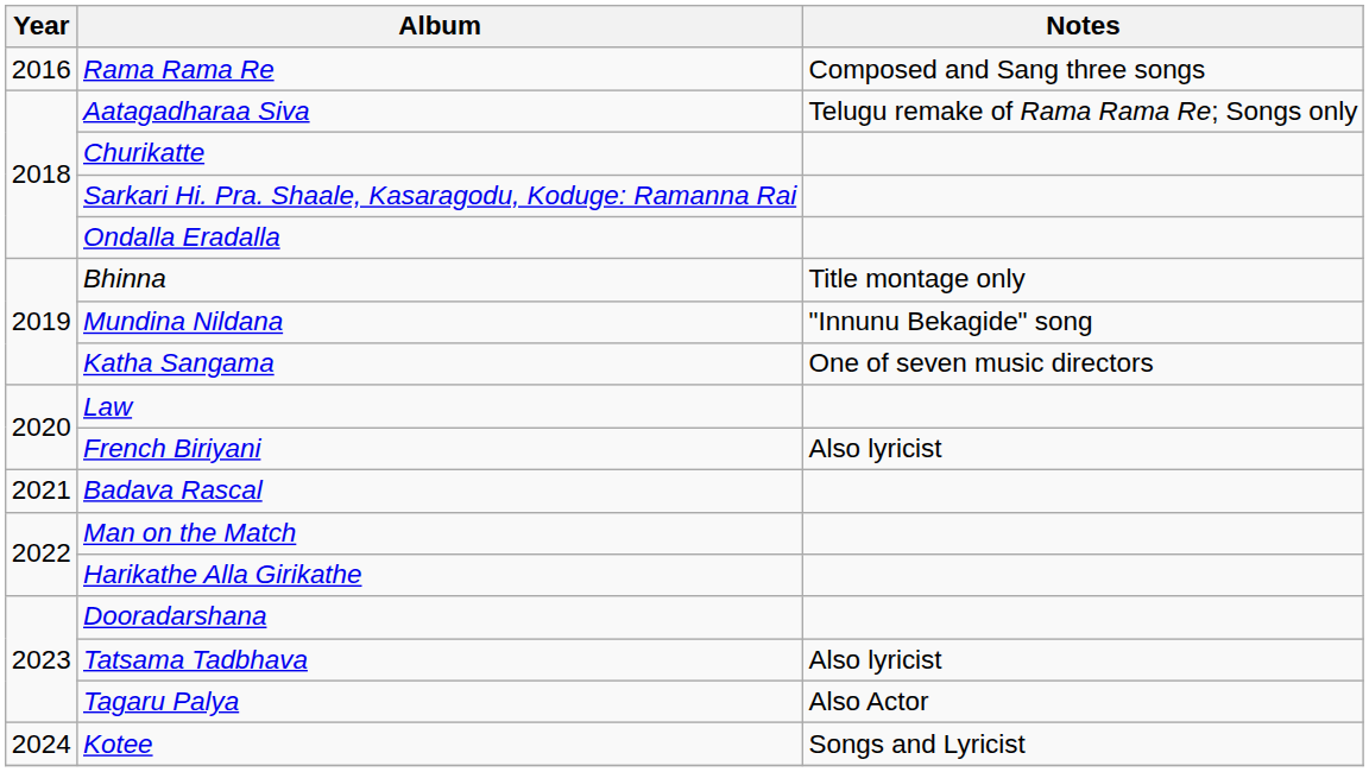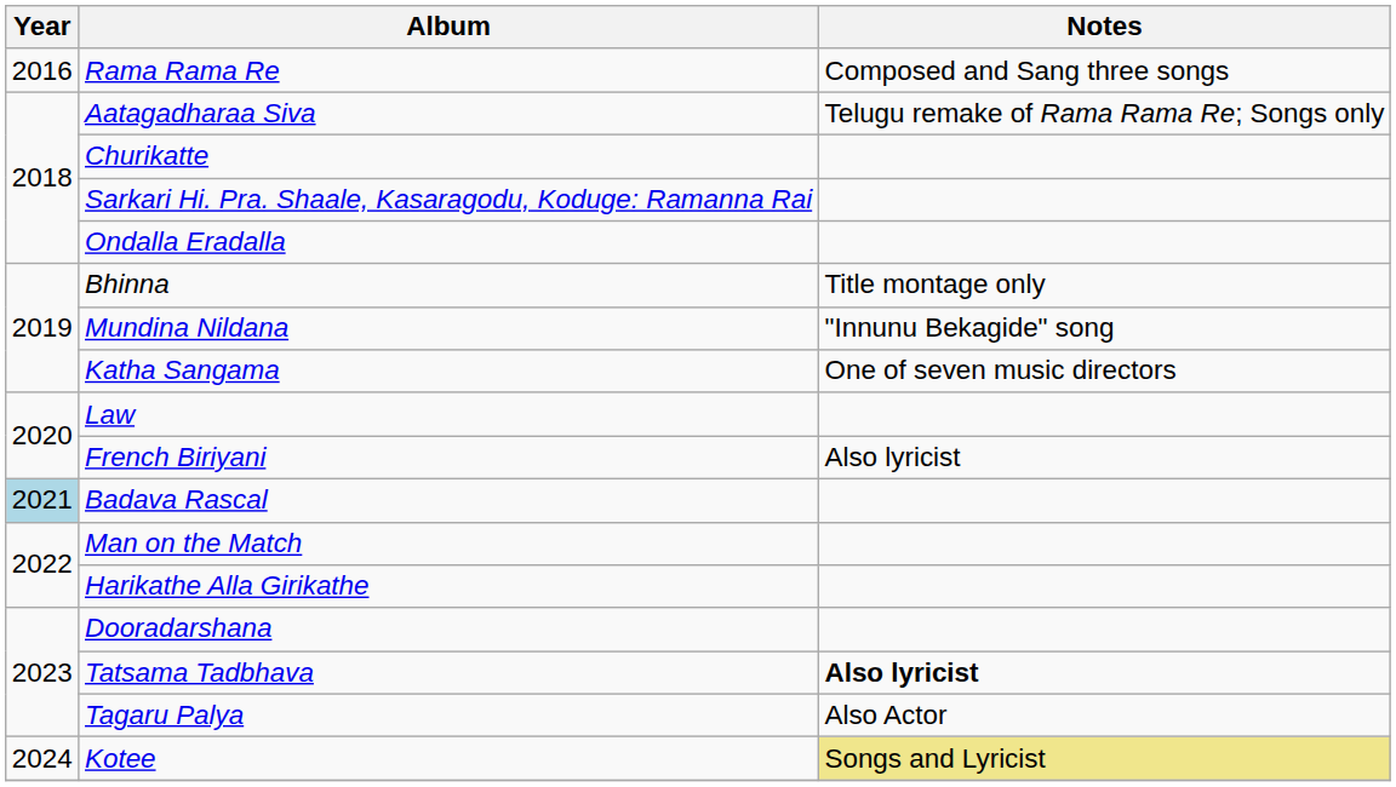 <table class="wikitable sortable">
 <tr>
 <th>Year</th>
 <th>Album</th>
 <th>Notes</th>
 </tr>
 <tr>
 <td>2016</td>
 <td><em><a href='#'>Rama Rama Re</a></em></td>
 <td>Composed and Sang three songs</td>
 </tr>
 <tr>
 <td rowspan="4">2018</td>
 <td><em><a href='#'>Aatagadharaa Siva</a></em></td>
 <td>Telugu remake of <em>Rama Rama Re</em>; Songs only</td>
 </tr>
 <tr>
 <td><em><a href='#'>Churikatte</a></em></td>
 <td></td>
 </tr>
 <tr>
 <td><em><a href='#'>Sarkari Hi. Pra. Shaale, Kasaragodu, Koduge: Ramanna Rai</a></em></td>
 <td></td>
 </tr>
 <tr>
 <td><em><a href='#'>Ondalla Eradalla</a></em></td>
 <td></td>
 </tr>
 <tr>
 <td rowspan="3">2019</td>
 <td><em>Bhinna</em></td>
 <td>Title montage only</td>
 </tr>
 <tr>
 <td><em><a href='#'>Mundina Nildana</a></em></td>
 <td>"Innunu Bekagide" song</td>
 </tr>
 <tr>
 <td><a href='#'><em>Katha Sangama</em></a></td>
 <td>One of seven music directors</td>
 </tr>
 <tr>
 <td rowspan="2">2020</td>
 <td><em><a href='#'>Law</a></em></td>
 <td></td>
 </tr>
 <tr>
 <td><em><a href='#'>French Biriyani</a></em></td>
 <td>Also lyricist</td>
 </tr>
 <tr>
-<td>2021</td>
+<td style="background: lightblue;">2021</td>
 <td><em><a href='#'>Badava Rascal</a></em></td>
 <td></td>
 </tr>
 <tr>
 <td rowspan="2">2022</td>
 <td><em><a href='#'>Man on the Match</a></em></td>
 <td></td>
 </tr>
 <tr>
 <td><em><a href='#'>Harikathe Alla Girikathe</a></em></td>
 <td></td>
 </tr>
 <tr>
 <td rowspan="3">2023</td>
 <td><em><a href='#'>Dooradarshana</a></em></td>
 <td></td>
 </tr>
 <tr>
 <td><em><a href='#'>Tatsama Tadbhava</a></em></td>
-<td>Also lyricist</td>
+<td><strong>Also lyricist</strong></td>
 </tr>
 <tr>
 <td><em><a href='#'>Tagaru Palya</a></em></td>
 <td>Also Actor</td>
 </tr>
 <tr>
 <td>2024</td>
 <td><em><a href='#'>Kotee</a></em></td>
-<td>Songs and Lyricist</td>
+<td style="background: khaki;">Songs and Lyricist</td>
 </tr>
 <tr>
 </tr>
 </table>
